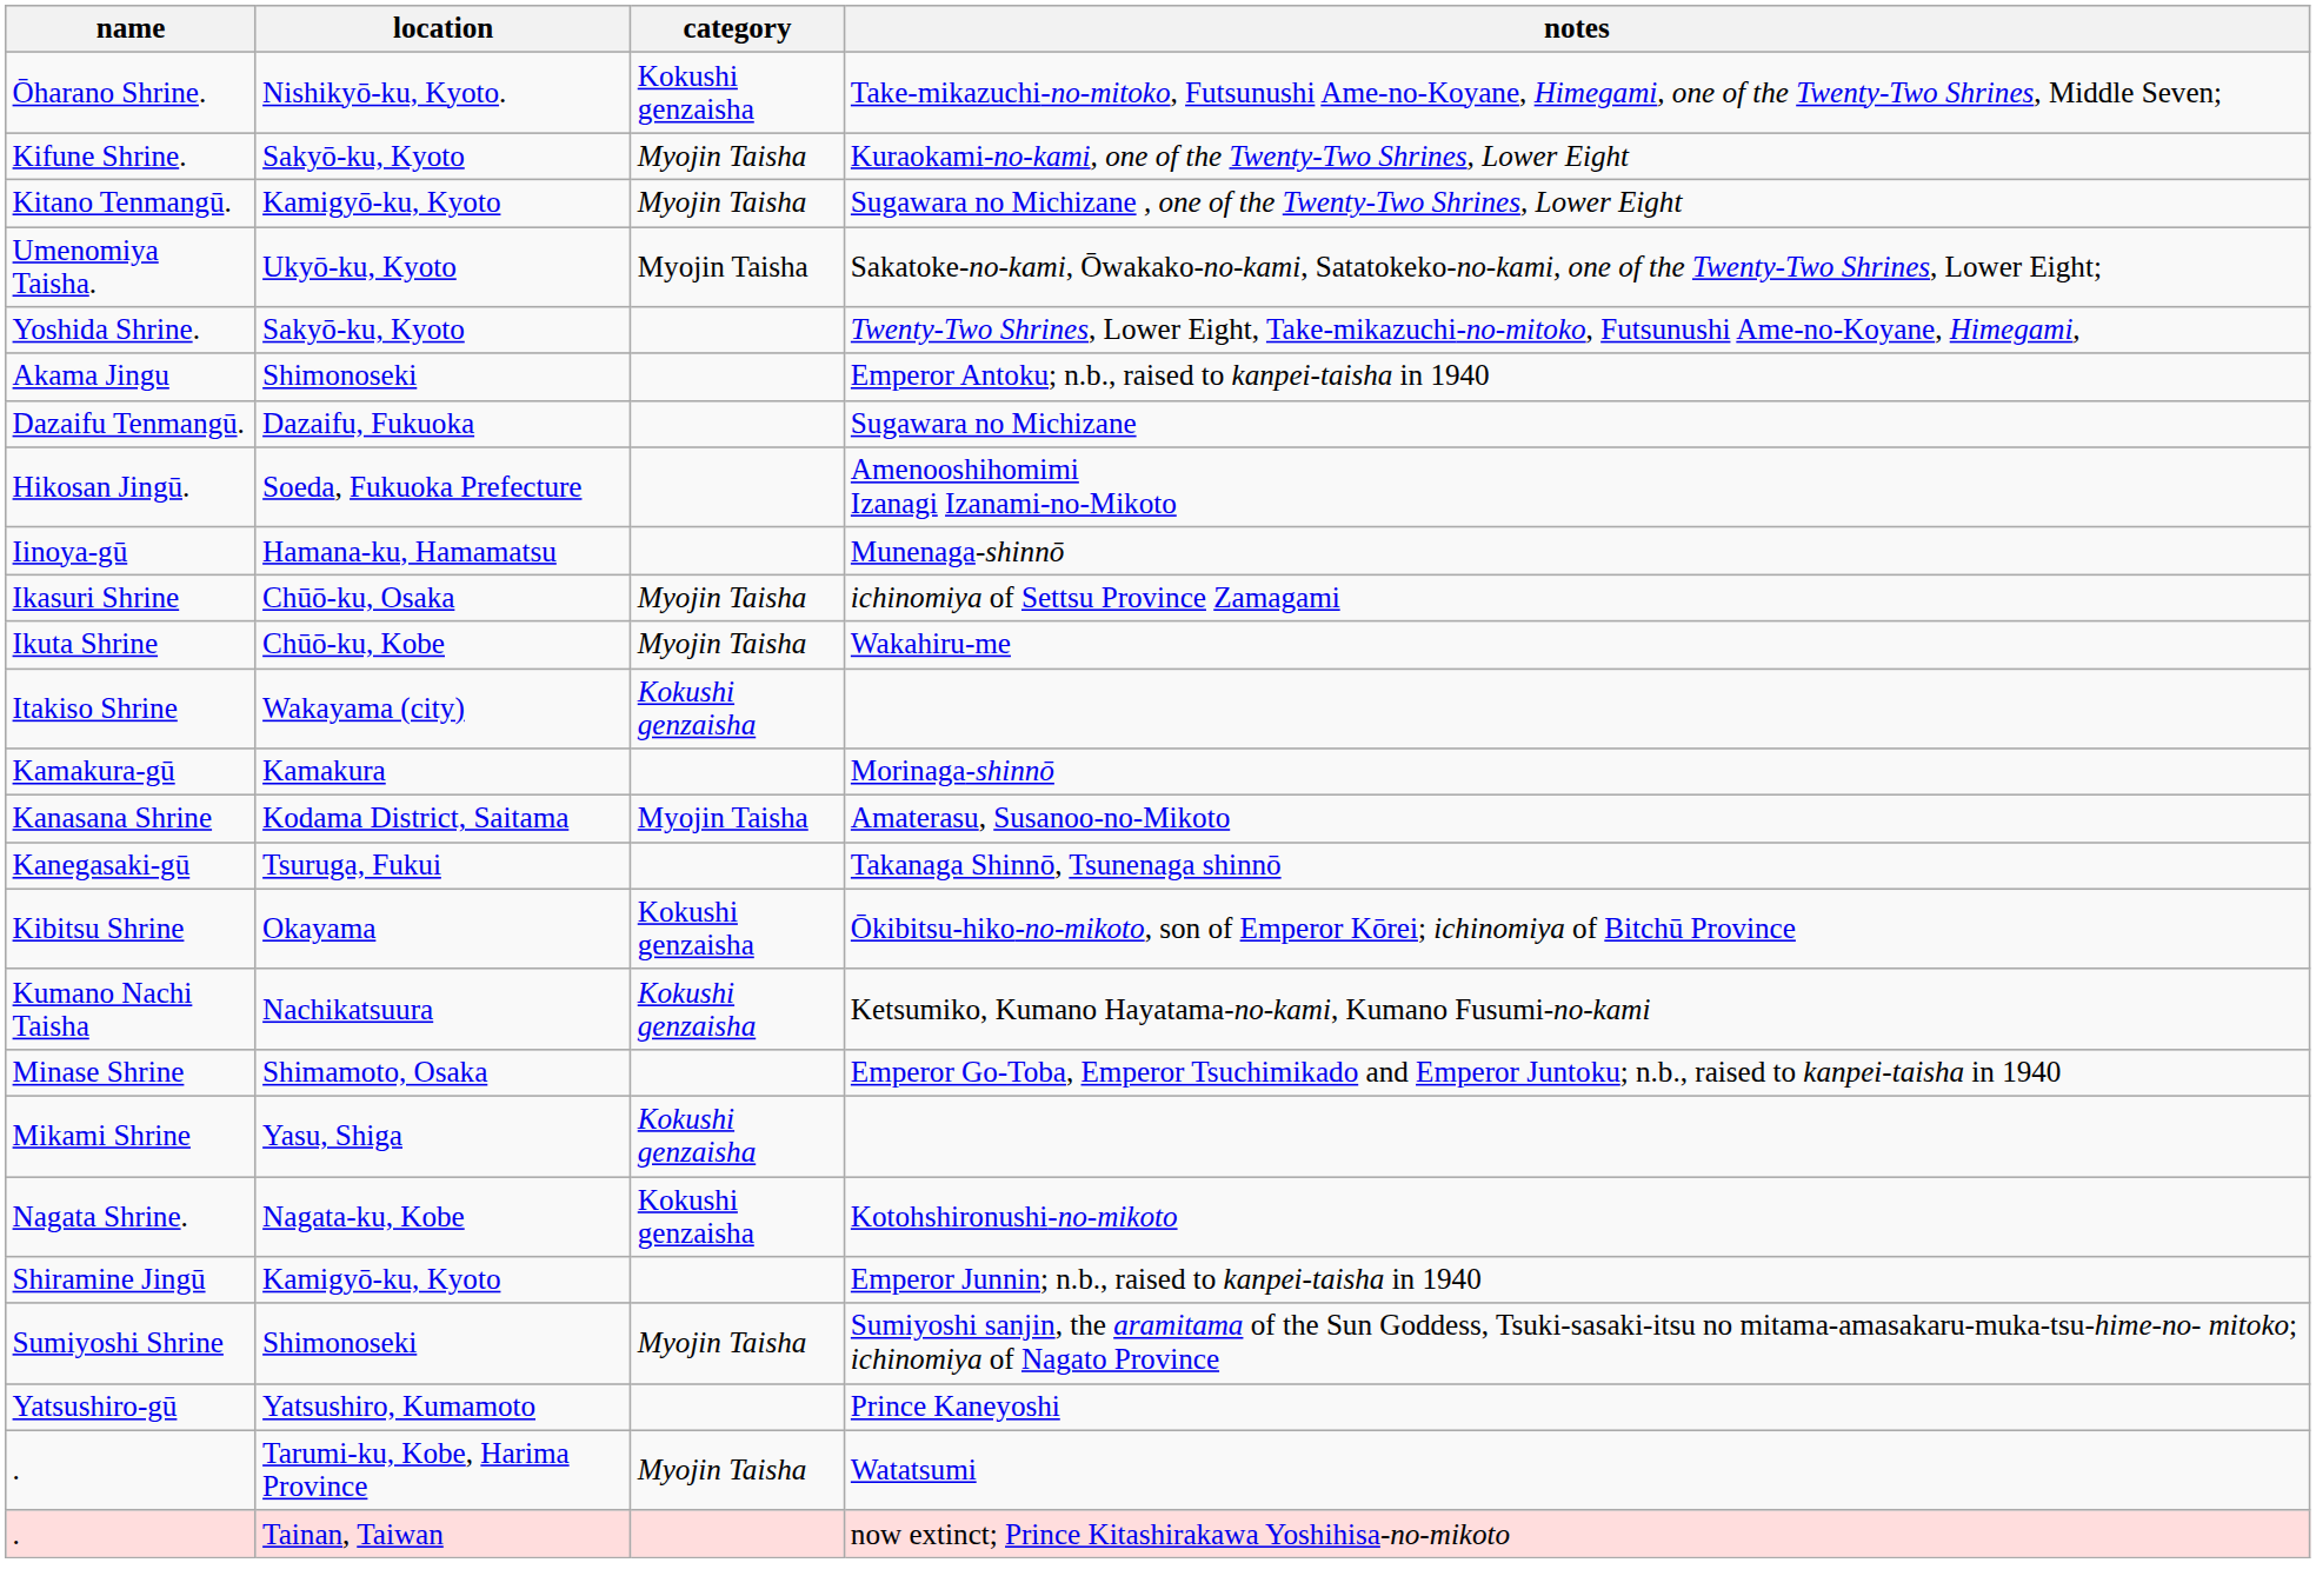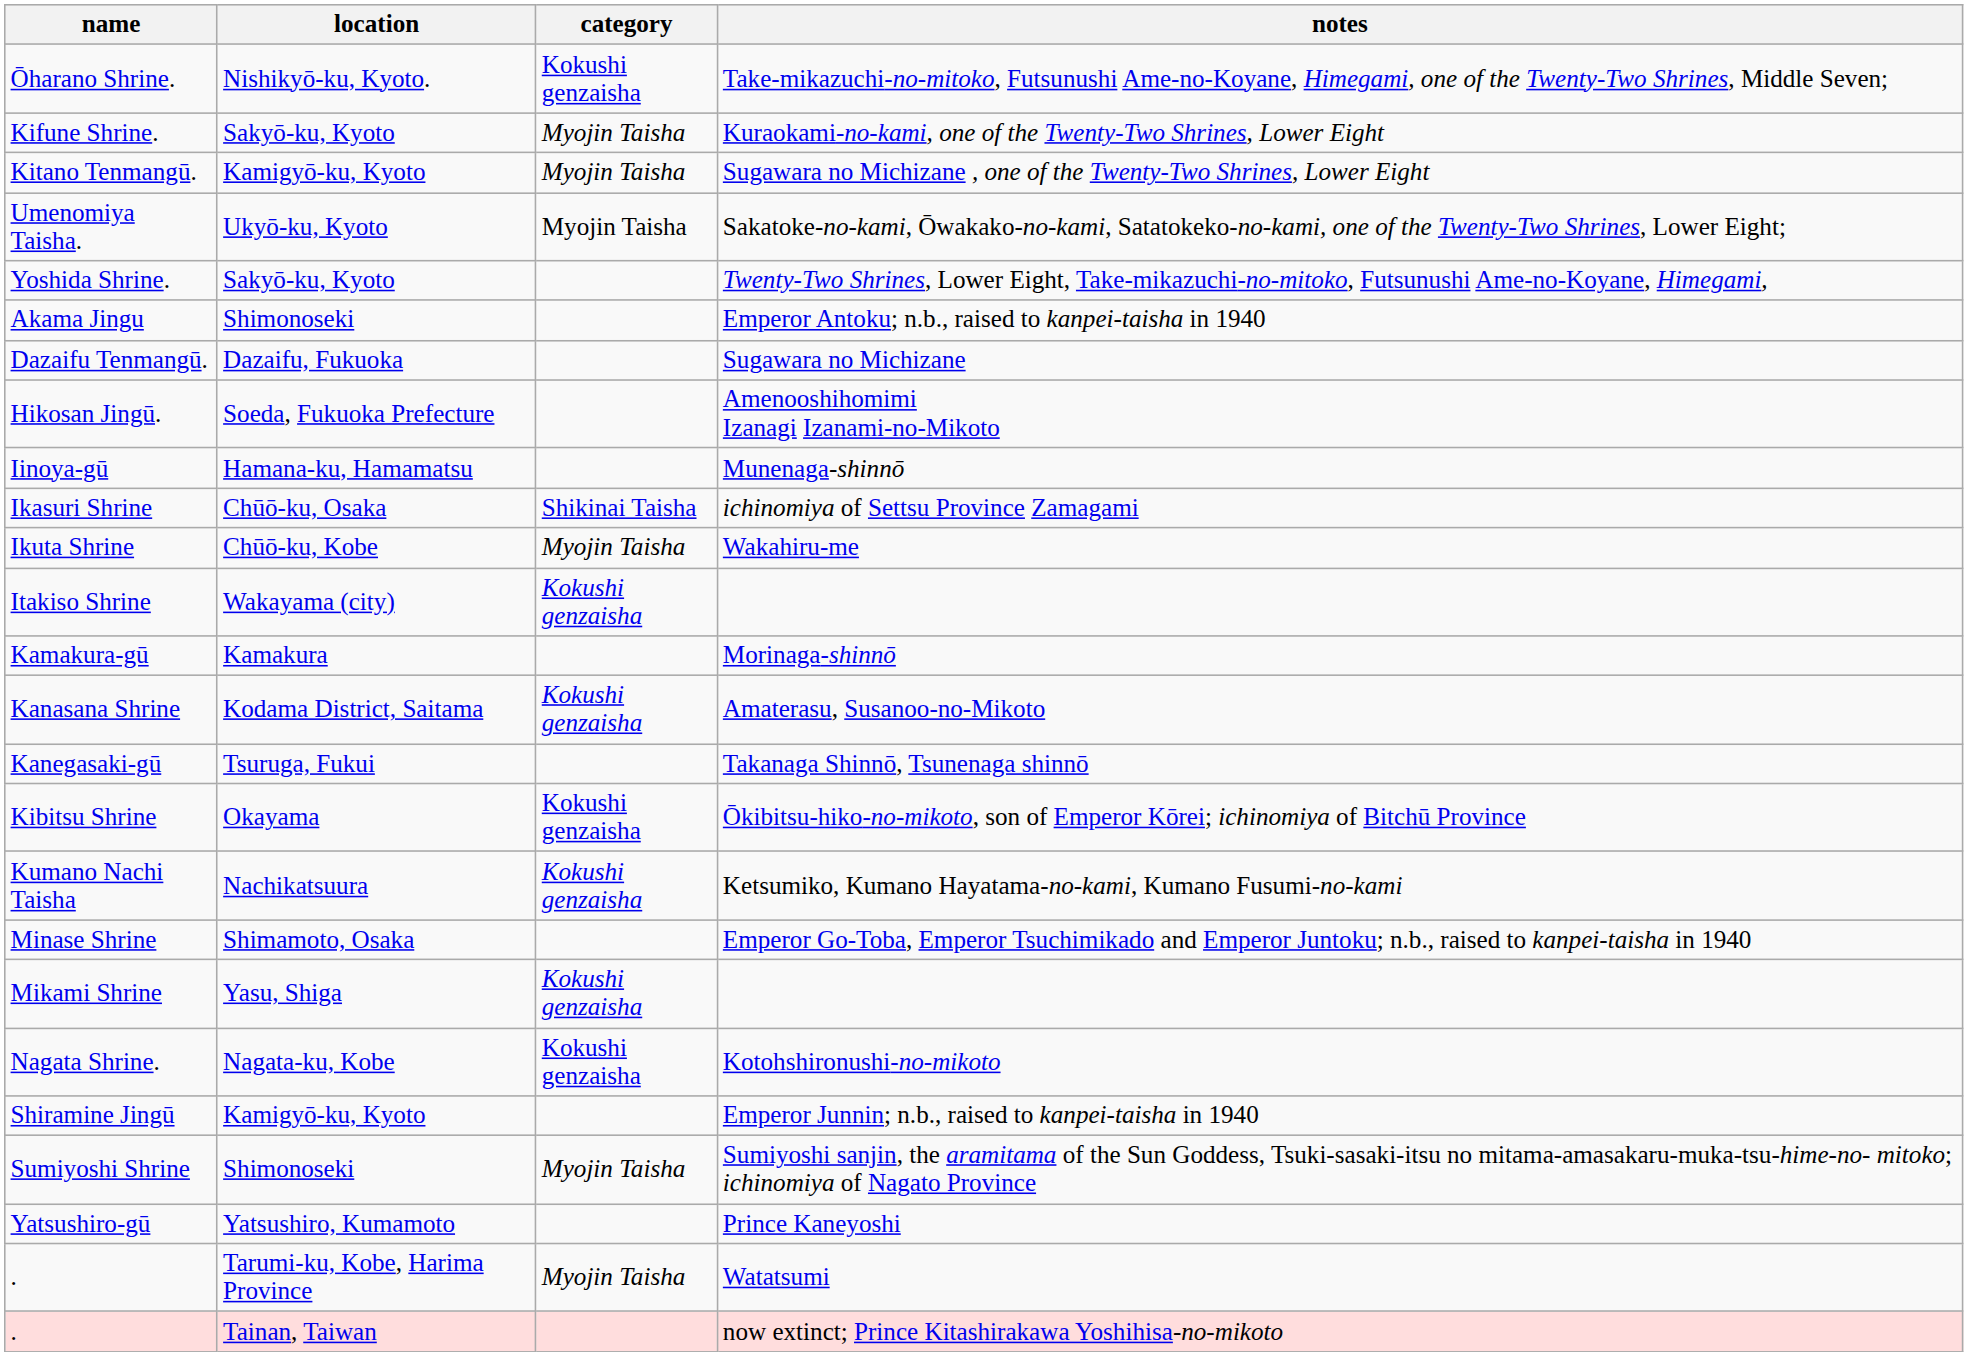 <table class="wikitable">
 <tr>
 <th>name</th>
 <th>location</th>
 <th>category</th>
 <th>notes</th>
 </tr>
 <tr>
 <td><a href='#'>Ōharano Shrine</a>.</td>
 <td><a href='#'>Nishikyō-ku, Kyoto</a>.</td>
 <td><a href='#'>Kokushi genzaisha</a></td>
 <td><a href='#'>Take-mikazuchi<em>-no-mitoko</em></a>, <a href='#'>Futsunushi</a> <a href='#'>Ame-no-Koyane</a>, <em><a href='#'>Himegami</a>, one of the <a href='#'>Twenty-Two Shrines</a></em>, Middle Seven;</td>
 </tr>
 <tr>
 <td><a href='#'>Kifune Shrine</a>.</td>
 <td><a href='#'>Sakyō-ku, Kyoto</a></td>
 <td><em>Myojin Taisha</em></td>
 <td><a href='#'>Kuraokami<em>-no-kami</em></a><em>, one of the <a href='#'>Twenty-Two Shrines</a>, Lower Eight</em></td>
 </tr>
 <tr>
 <td><a href='#'>Kitano Tenmangū</a>.</td>
 <td><a href='#'>Kamigyō-ku, Kyoto</a></td>
 <td><em>Myojin Taisha</em></td>
 <td><a href='#'>Sugawara no Michizane</a> <em>, one of the <a href='#'>Twenty-Two Shrines</a>, Lower Eight</em></td>
 </tr>
 <tr>
 <td><a href='#'>Umenomiya Taisha</a>.</td>
 <td><a href='#'>Ukyō-ku, Kyoto</a></td>
 <td>Myojin Taisha</td>
 <td>Sakatoke<em>-no-kami</em>, Ōwakako<em>-no-kami</em>, Satatokeko<em>-no-kami, one of the <a href='#'>Twenty-Two Shrines</a></em>, Lower Eight;</td>
 </tr>
 <tr>
 <td><a href='#'>Yoshida Shrine</a>.</td>
 <td><a href='#'>Sakyō-ku, Kyoto</a></td>
 <td></td>
 <td><em><a href='#'>Twenty-Two Shrines</a></em>, Lower Eight, <a href='#'>Take-mikazuchi<em>-no-mitoko</em></a>, <a href='#'>Futsunushi</a> <a href='#'>Ame-no-Koyane</a>, <em><a href='#'>Himegami</a>,</em></td>
 </tr>
 <tr>
 <td><a href='#'>Akama Jingu</a></td>
 <td><a href='#'>Shimonoseki</a></td>
 <td></td>
 <td><a href='#'>Emperor Antoku</a>; n.b., raised to <em>kanpei-taisha</em> in 1940</td>
 </tr>
 <tr>
 <td><a href='#'>Dazaifu Tenmangū</a>.</td>
 <td><a href='#'>Dazaifu, Fukuoka</a></td>
 <td></td>
 <td><a href='#'>Sugawara no Michizane</a></td>
 </tr>
 <tr>
 <td><a href='#'>Hikosan Jingū</a>.</td>
 <td><a href='#'>Soeda</a>, <a href='#'>Fukuoka Prefecture</a></td>
 <td></td>
 <td><a href='#'>Amenooshihomimi</a><br><a href='#'>Izanagi</a> <a href='#'>Izanami-no-Mikoto</a></td>
 </tr>
 <tr>
 <td><a href='#'>Iinoya-gū</a></td>
 <td><a href='#'>Hamana-ku, Hamamatsu</a></td>
 <td></td>
 <td><a href='#'>Munenaga</a><em>-shinnō</em></td>
 </tr>
 <tr>
 <td><a href='#'>Ikasuri Shrine</a></td>
 <td><a href='#'>Chūō-ku, Osaka</a></td>
-<td><em>Myojin Taisha</em></td>
+<td><a href='#'>Shikinai Taisha</a></td>
 <td><em>ichinomiya</em> of <a href='#'>Settsu Province</a> <a href='#'>Zamagami</a></td>
 </tr>
 <tr>
 <td><a href='#'>Ikuta Shrine</a></td>
 <td><a href='#'>Chūō-ku, Kobe</a></td>
 <td><em>Myojin Taisha</em></td>
 <td><a href='#'>Wakahiru-me</a></td>
 </tr>
 <tr>
 <td><a href='#'>Itakiso Shrine</a></td>
 <td><a href='#'>Wakayama (city)</a></td>
 <td><em><a href='#'>Kokushi genzaisha</a></em></td>
 <td></td>
 </tr>
 <tr>
 <td><a href='#'>Kamakura-gū</a></td>
 <td><a href='#'>Kamakura</a></td>
 <td></td>
 <td><a href='#'>Morinaga<em>-shinnō</em></a></td>
 </tr>
 <tr>
 <td><a href='#'>Kanasana Shrine</a></td>
 <td><a href='#'>Kodama District, Saitama</a></td>
-<td><a href='#'>Myojin Taisha</a></td>
+<td><em><a href='#'>Kokushi genzaisha</a></em></td>
 <td><a href='#'>Amaterasu</a>, <a href='#'>Susanoo-no-Mikoto</a></td>
 </tr>
 <tr>
 <td><a href='#'>Kanegasaki-gū</a></td>
 <td><a href='#'>Tsuruga, Fukui</a></td>
 <td></td>
 <td><a href='#'>Takanaga Shinnō</a>, <a href='#'>Tsunenaga shinnō</a></td>
 </tr>
 <tr>
 <td><a href='#'>Kibitsu Shrine</a></td>
 <td><a href='#'>Okayama</a></td>
 <td><a href='#'>Kokushi genzaisha</a></td>
 <td><a href='#'>Ōkibitsu-hiko<em>-no-mikoto</em></a>, son of <a href='#'>Emperor Kōrei</a>; <em>ichinomiya</em> of <a href='#'>Bitchū Province</a></td>
 </tr>
 <tr>
 <td><a href='#'>Kumano Nachi Taisha</a></td>
 <td><a href='#'>Nachikatsuura</a></td>
 <td><em><a href='#'>Kokushi genzaisha</a></em></td>
 <td>Ketsumiko, Kumano Hayatama<em>-no-kami</em>, Kumano Fusumi<em>-no-kami</em></td>
 </tr>
 <tr>
 <td><a href='#'>Minase Shrine</a></td>
 <td><a href='#'>Shimamoto, Osaka</a></td>
 <td></td>
 <td><a href='#'>Emperor Go-Toba</a>, <a href='#'>Emperor Tsuchimikado</a> and <a href='#'>Emperor Juntoku</a>; n.b., raised to <em>kanpei-taisha</em> in 1940</td>
 </tr>
 <tr>
 <td><a href='#'>Mikami Shrine</a></td>
 <td><a href='#'>Yasu, Shiga</a></td>
 <td><em><a href='#'>Kokushi genzaisha</a></em></td>
 <td></td>
 </tr>
 <tr>
 <td><a href='#'>Nagata Shrine</a>.</td>
 <td><a href='#'>Nagata-ku, Kobe</a></td>
 <td><a href='#'>Kokushi genzaisha</a></td>
 <td><a href='#'>Kotohshironushi<em>-no-mikoto</em></a></td>
 </tr>
 <tr>
 <td><a href='#'>Shiramine Jingū</a></td>
 <td><a href='#'>Kamigyō-ku, Kyoto</a></td>
 <td></td>
 <td><a href='#'>Emperor Junnin</a>; n.b., raised to <em>kanpei-taisha</em> in 1940</td>
 </tr>
 <tr>
 <td><a href='#'>Sumiyoshi Shrine</a></td>
 <td><a href='#'>Shimonoseki</a></td>
 <td><em>Myojin Taisha</em></td>
 <td><a href='#'>Sumiyoshi sanjin</a>, the <em><a href='#'>aramitama</a></em> of the Sun Goddess, Tsuki-sasaki-itsu no mitama-amasakaru-muka-tsu<em>-hime-no- mitoko</em>; <em>ichinomiya</em> of <a href='#'>Nagato Province</a></td>
 </tr>
 <tr>
 <td><a href='#'>Yatsushiro-gū</a></td>
 <td><a href='#'>Yatsushiro, Kumamoto</a></td>
 <td></td>
 <td><a href='#'>Prince Kaneyoshi</a></td>
 </tr>
 <tr>
 <td>.</td>
 <td><a href='#'>Tarumi-ku, Kobe</a>, <a href='#'>Harima Province</a></td>
 <td><em>Myojin Taisha</em></td>
 <td><a href='#'>Watatsumi</a></td>
 </tr>
 <tr>
 <td style="background-color: #ffdddd;">.</td>
 <td style="background-color: #ffdddd;"><a href='#'>Tainan</a>, <a href='#'>Taiwan</a></td>
 <td style="background-color: #ffdddd;"></td>
 <td style="background-color: #ffdddd;">now extinct; <a href='#'>Prince Kitashirakawa Yoshihisa</a><em>-no-mikoto</em></td>
 </tr>
 </table>
